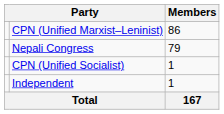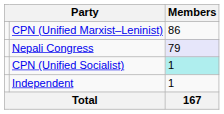 <table class="wikitable">
 <tr>
 <th colspan="2">Party</th>
 <th>Members</th>
 </tr>
 <tr>
 <td style="background-color:"><br></td>
 <td><a href='#'>CPN (Unified Marxist–Leninist)</a></td>
 <td>86</td>
 </tr>
 <tr>
 <td style="background-color:"><br></td>
 <td><a href='#'>Nepali Congress</a></td>
-<td>79</td>
+<td style="background: lavender;">79</td>
 </tr>
 <tr>
 <td style="background-color:"><br></td>
 <td><a href='#'>CPN (Unified Socialist)</a></td>
-<td>1</td>
+<td style="background: paleturquoise;">1</td>
 </tr>
 <tr>
 <td style="background-color:"><br></td>
 <td><a href='#'>Independent</a></td>
 <td>1</td>
 </tr>
 <tr>
 <th colspan="2">Total</th>
 <th>167</th>
 </tr>
 </table>
